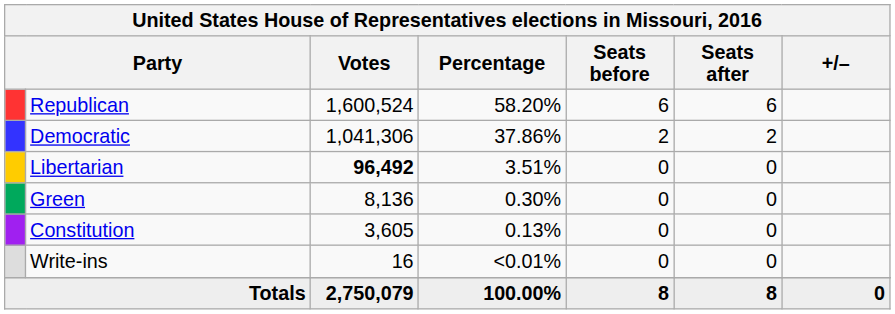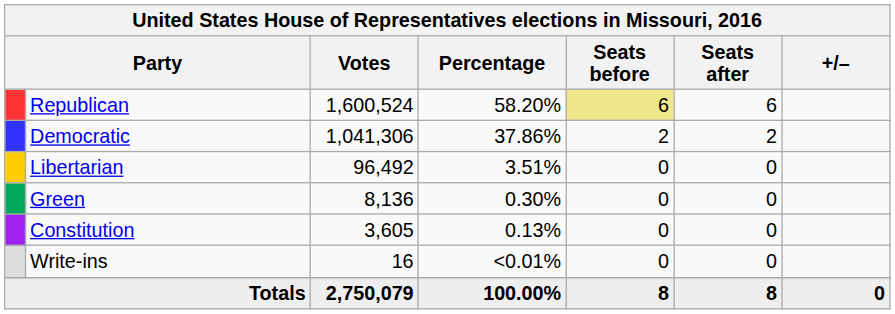 <table class="wikitable" style="font-size: 95%;">
 <tr>
 <th colspan="7">United States House of Representatives elections in Missouri, 2016</th>
 </tr>
 <tr>
 <th colspan="2" style="width: 15em">Party</th>
 <th style="width: 5em">Votes</th>
 <th style="width: 7em">Percentage</th>
 <th style="width: 5em">Seats before</th>
 <th style="width: 5em">Seats after</th>
 <th style="width: 5em">+/–</th>
 </tr>
 <tr>
 <th style="background-color:#FF3333; width: 3px"></th>
 <td style="width: 130px"><a href='#'>Republican</a></td>
 <td style="text-align:right;">1,600,524</td>
 <td style="text-align:right;">58.20%</td>
-<td style="text-align:right;">6</td>
+<td style="background: khaki; text-align:right;">6</td>
 <td style="text-align:right;">6</td>
 <td style="text-align:right;"></td>
 </tr>
 <tr>
 <th style="background:#33f; width:3px;"></th>
 <td style="width: 130px"><a href='#'>Democratic</a></td>
 <td style="text-align:right;">1,041,306</td>
 <td style="text-align:right;">37.86%</td>
 <td style="text-align:right;">2</td>
 <td style="text-align:right;">2</td>
 <td style="text-align:right;"></td>
 </tr>
 <tr>
 <th style="background-color:#FFCC00; width: 3px"></th>
 <td style="width: 130px"><a href='#'>Libertarian</a></td>
-<td style="text-align:right;"><strong>96,492</strong></td>
+<td style="text-align:right;">96,492</td>
 <td style="text-align:right;">3.51%</td>
 <td style="text-align:right;">0</td>
 <td style="text-align:right;">0</td>
 <td style="text-align:right;"></td>
 </tr>
 <tr>
 <th style="background:#00A95C; width:3px;"></th>
 <td style="width: 130px"><a href='#'>Green</a></td>
 <td style="text-align:right;">8,136</td>
 <td style="text-align:right;">0.30%</td>
 <td style="text-align:right;">0</td>
 <td style="text-align:right;">0</td>
 <td style="text-align:right;"></td>
 </tr>
 <tr>
 <th style="background-color:#A020F0; width: 3px"></th>
 <td style="width: 130px"><a href='#'>Constitution</a></td>
 <td style="text-align:right;">3,605</td>
 <td style="text-align:right;">0.13%</td>
 <td style="text-align:right;">0</td>
 <td style="text-align:right;">0</td>
 <td style="text-align:right;"></td>
 </tr>
 <tr>
 <th style="background-color:#DDDDDD; width: 3px"></th>
 <td style="width: 130px">Write-ins</td>
 <td style="text-align:right;">16</td>
 <td style="text-align:right;"><0.01%</td>
 <td style="text-align:right;">0</td>
 <td style="text-align:right;">0</td>
 <td style="text-align:right;"></td>
 </tr>
 <tr>
 </tr>
 <tr style="background:#eee; text-align:right;">
 <td colspan="2"><strong>Totals</strong></td>
 <td><strong>2,750,079</strong></td>
 <td><strong>100.00%</strong></td>
 <td><strong>8</strong></td>
 <td><strong>8</strong></td>
 <td><strong>0</strong></td>
 </tr>
 </table>
